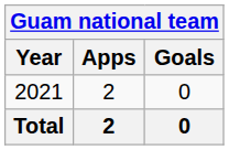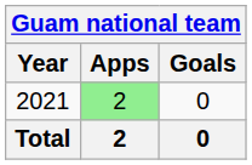 <table class="wikitable" style="text-align:center">
 <tr>
 <th colspan=3><a href='#'>Guam national team</a></th>
 </tr>
 <tr>
 <th>Year</th>
 <th>Apps</th>
 <th>Goals</th>
 </tr>
 <tr>
 <td>2021</td>
-<td>2</td>
+<td style="background: lightgreen;">2</td>
 <td>0</td>
 </tr>
 <tr>
 <th>Total</th>
 <th>2</th>
 <th>0</th>
 </tr>
 </table>
